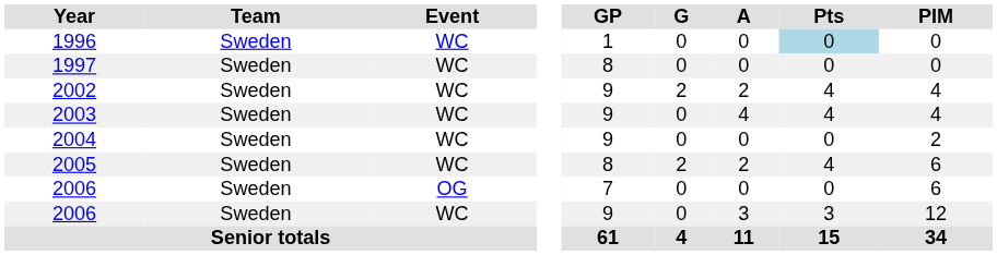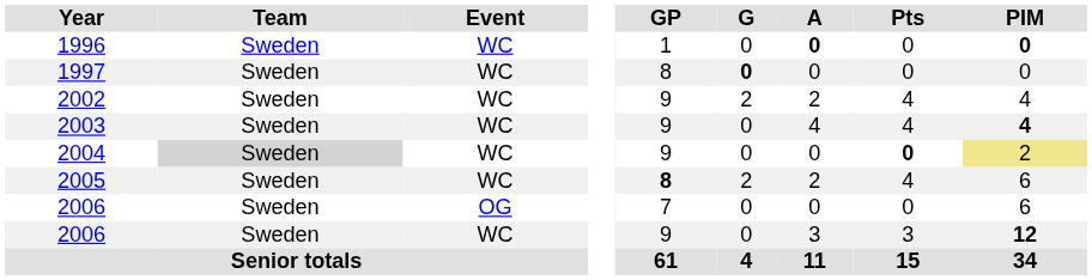 <table border="0" cellpadding="1" cellspacing="0" style="text-align:center; width:50em">
 <tr ALIGN="center" bgcolor="#e0e0e0">
 <th>Year</th>
 <th>Team</th>
 <th>Event</th>
 <th rowspan="99" bgcolor="#ffffff"> </th>
 <th>GP</th>
 <th>G</th>
 <th>A</th>
 <th>Pts</th>
 <th>PIM</th>
 </tr>
 <tr>
 <td><a href='#'>1996</a></td>
 <td><a href='#'>Sweden</a></td>
 <td><a href='#'>WC</a></td>
 <td>1</td>
 <td>0</td>
+<td><strong>0</strong></td>
 <td>0</td>
-<td style="background: lightblue;">0</td>
-<td>0</td>
+<td><strong>0</strong></td>
 </tr>
 <tr bgcolor="#f0f0f0">
 <td><a href='#'>1997</a></td>
 <td>Sweden</td>
 <td>WC</td>
 <td>8</td>
-<td>0</td>
+<td><strong>0</strong></td>
 <td>0</td>
 <td>0</td>
 <td>0</td>
 </tr>
 <tr>
 <td><a href='#'>2002</a></td>
 <td>Sweden</td>
 <td>WC</td>
 <td>9</td>
 <td>2</td>
 <td>2</td>
 <td>4</td>
 <td>4</td>
 </tr>
 <tr bgcolor="#f0f0f0">
 <td><a href='#'>2003</a></td>
 <td>Sweden</td>
 <td>WC</td>
 <td>9</td>
 <td>0</td>
 <td>4</td>
 <td>4</td>
-<td>4</td>
+<td><strong>4</strong></td>
 </tr>
 <tr>
 <td><a href='#'>2004</a></td>
-<td>Sweden</td>
+<td style="background: lightgrey;">Sweden</td>
 <td>WC</td>
 <td>9</td>
 <td>0</td>
 <td>0</td>
-<td>0</td>
-<td>2</td>
+<td><strong>0</strong></td>
+<td style="background: khaki;">2</td>
 </tr>
 <tr bgcolor="#f0f0f0">
 <td><a href='#'>2005</a></td>
 <td>Sweden</td>
 <td>WC</td>
-<td>8</td>
+<td><strong>8</strong></td>
 <td>2</td>
 <td>2</td>
 <td>4</td>
 <td>6</td>
 </tr>
 <tr>
 <td><a href='#'>2006</a></td>
 <td>Sweden</td>
 <td><a href='#'>OG</a></td>
 <td>7</td>
 <td>0</td>
 <td>0</td>
 <td>0</td>
 <td>6</td>
 </tr>
 <tr bgcolor="#f0f0f0">
 <td><a href='#'>2006</a></td>
 <td>Sweden</td>
 <td>WC</td>
 <td>9</td>
 <td>0</td>
 <td>3</td>
 <td>3</td>
-<td>12</td>
+<td><strong>12</strong></td>
 </tr>
 <tr bgcolor="#e0e0e0">
 <th colspan=3>Senior totals</th>
 <th>61</th>
 <th>4</th>
 <th>11</th>
 <th>15</th>
 <th>34</th>
 </tr>
 </table>
